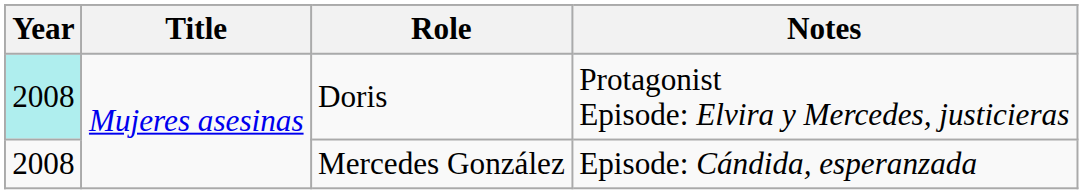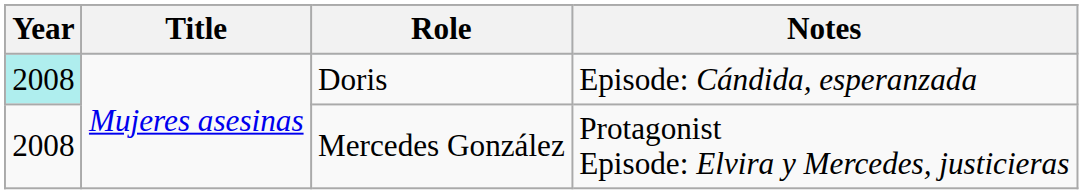 <table class="wikitable">
 <tr style="background:#b0c4de;">
 <th>Year</th>
 <th>Title</th>
 <th>Role</th>
 <th>Notes</th>
 </tr>
 <tr>
 <td style="background: paleturquoise;">2008</td>
 <td rowspan=2><em><a href='#'>Mujeres asesinas</a></em></td>
 <td>Doris</td>
-<td>Protagonist<br>Episode: <em>Elvira y Mercedes, justicieras</em></td>
+<td>Episode: <em>Cándida, esperanzada</em></td>
 </tr>
 <tr>
 <td>2008</td>
 <td>Mercedes González</td>
-<td>Episode: <em>Cándida, esperanzada</em></td>
+<td>Protagonist<br>Episode: <em>Elvira y Mercedes, justicieras</em></td>
 </tr>
 </table>
